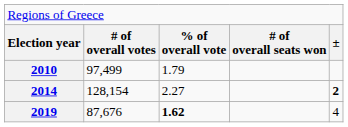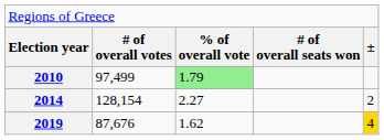 <table class=wikitable>
 <tr>
 <td colspan=6><a href='#'>Regions of Greece</a></td>
 </tr>
 <tr>
 <th>Election year</th>
 <th># of<br>overall votes</th>
 <th>% of<br>overall vote</th>
 <th># of<br>overall seats won</th>
 <th>±</th>
 </tr>
 <tr>
 <th><a href='#'>2010</a></th>
 <td>97,499</td>
-<td>1.79</td>
+<td style="background: lightgreen;">1.79</td>
 <td></td>
 <td></td>
 </tr>
 <tr>
 <th><a href='#'>2014</a></th>
 <td>128,154</td>
 <td>2.27</td>
 <td></td>
-<td><strong>2</strong></td>
+<td>2</td>
 </tr>
 <tr>
 <th><a href='#'>2019</a></th>
 <td>87,676</td>
-<td><strong>1.62</strong></td>
+<td>1.62</td>
 <td></td>
-<td>4</td>
+<td style="background: gold;">4</td>
 </tr>
 </table>
